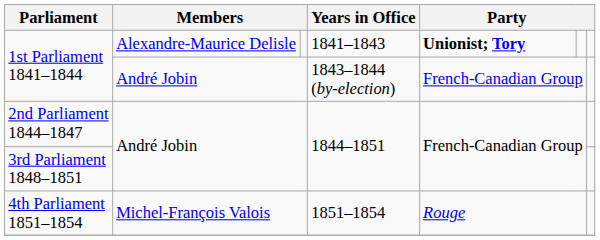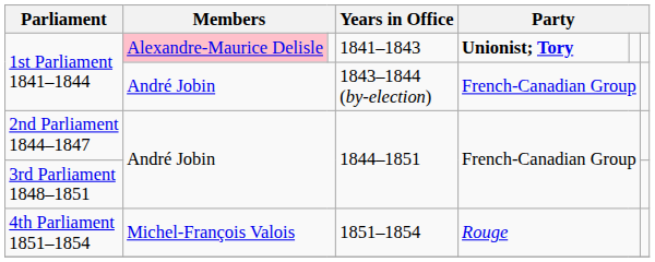 <table class="wikitable">
 <tr>
 <th>Parliament</th>
 <th colspan= "2">Members</th>
 <th>Years in Office</th>
 <th colspan = "3">Party</th>
 </tr>
 <tr>
 <td rowspan="2"><a href='#'>1st Parliament</a><br>1841–1844</td>
-<td><a href='#'>Alexandre-Maurice Delisle</a></td>
+<td style="background: pink;"><a href='#'>Alexandre-Maurice Delisle</a></td>
 <td></td>
 <td>1841–1843</td>
 <td><strong>Unionist; <a href='#'>Tory</a></strong></td>
 <td></td>
 <td></td>
 </tr>
 <tr>
 <td colspan="2"><a href='#'>André Jobin</a></td>
 <td>1843–1844<br>(<em>by-election</em>)</td>
 <td colspan = "2"><a href='#'>French-Canadian Group</a></td>
 <td></td>
 </tr>
 <tr>
 <td><a href='#'>2nd Parliament</a> <br> 1844–1847</td>
 <td rowspan = "2" colspan = "2">André Jobin</td>
 <td rowspan = "2">1844–1851</td>
 <td rowspan = "2" colspan = "2">French-Canadian Group</td>
 <td></td>
 </tr>
 <tr>
 <td><a href='#'>3rd Parliament</a> <br> 1848–1851</td>
 <td></td>
 </tr>
 <tr>
 <td><a href='#'>4th Parliament</a> <br> 1851–1854</td>
 <td colspan = "2"><a href='#'>Michel-François Valois</a></td>
 <td>1851–1854</td>
 <td colspan = "2"><a href='#'><em>Rouge</em></a></td>
 <td></td>
 </tr>
 <tr>
 </tr>
 </table>
